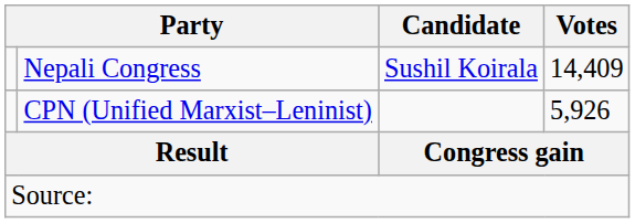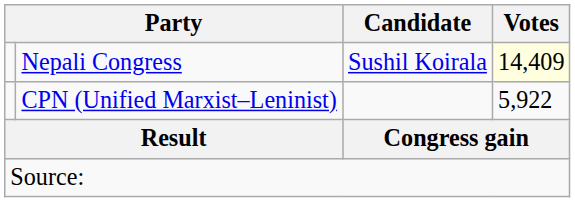 <table class="wikitable">
 <tr>
 <th colspan="2">Party</th>
 <th>Candidate</th>
 <th>Votes</th>
 </tr>
 <tr>
 <td style="background-color:"></td>
 <td><a href='#'>Nepali Congress</a></td>
 <td><a href='#'>Sushil Koirala</a></td>
-<td>14,409</td>
+<td style="background: lightyellow;">14,409</td>
 </tr>
 <tr>
 <td style="background-color:"></td>
 <td><a href='#'>CPN (Unified Marxist–Leninist)</a></td>
 <td></td>
-<td>5,926</td>
+<td>5,922</td>
 </tr>
 <tr>
 <th colspan="2">Result</th>
 <th colspan="2">Congress gain</th>
 </tr>
 <tr>
 <td colspan="4">Source: </td>
 </tr>
 </table>
